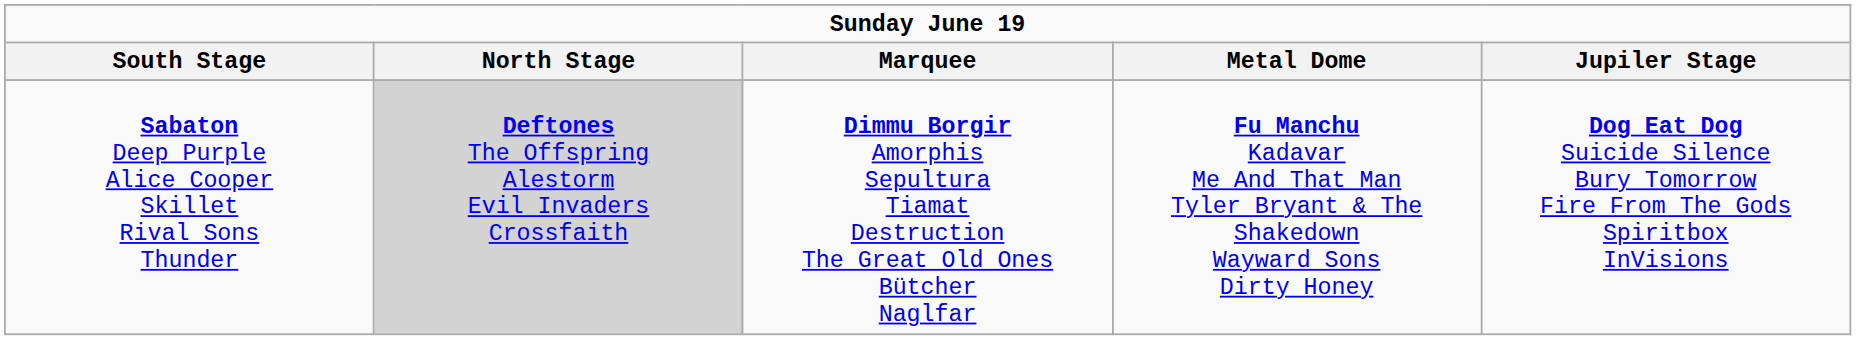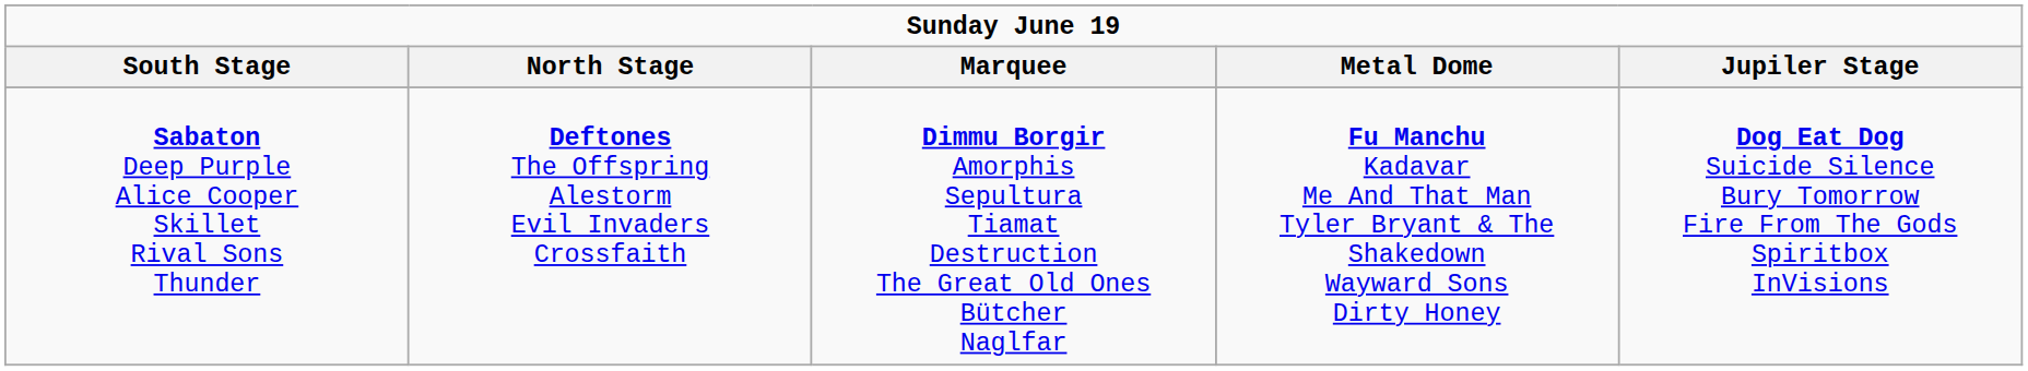 <table class="wikitable">
 <tr>
 <td colspan="5" style="text-align:center;"><strong>Sunday June 19</strong></td>
 </tr>
 <tr>
 <th>South Stage</th>
 <th>North Stage</th>
 <th>Marquee</th>
 <th>Metal Dome</th>
 <th>Jupiler Stage</th>
 </tr>
 <tr>
 <td style="text-align:center; vertical-align:top; width:200px;"><br><strong><a href='#'>Sabaton</a></strong> <br> <a href='#'>Deep Purple</a> <br> <a href='#'>Alice Cooper</a> <br> <a href='#'>Skillet</a> <br> <a href='#'>Rival Sons</a> <br> <a href='#'>Thunder</a> <br></td>
-<td style="background: lightgrey; text-align:center; vertical-align:top; width:200px;"><br><strong><a href='#'>Deftones</a></strong> <br> <a href='#'>The Offspring</a> <br> <a href='#'>Alestorm</a> <br> <a href='#'>Evil Invaders</a> <br> <a href='#'>Crossfaith</a> <br></td>
+<td style="text-align:center; vertical-align:top; width:200px;"><br><strong><a href='#'>Deftones</a></strong> <br> <a href='#'>The Offspring</a> <br> <a href='#'>Alestorm</a> <br> <a href='#'>Evil Invaders</a> <br> <a href='#'>Crossfaith</a> <br></td>
 <td style="text-align:center; vertical-align:top; width:200px;"><br><strong><a href='#'>Dimmu Borgir</a></strong> <br> <a href='#'>Amorphis</a> <br> <a href='#'>Sepultura</a> <br> <a href='#'>Tiamat</a> <br> <a href='#'>Destruction</a> <br> <a href='#'>The Great Old Ones</a> <br> <a href='#'>Bütcher</a> <br> <a href='#'>Naglfar</a> <br></td>
 <td style="text-align:center; vertical-align:top; width:200px;"><br><strong><a href='#'>Fu Manchu</a></strong> <br> <a href='#'>Kadavar</a> <br> <a href='#'>Me And That Man</a> <br> <a href='#'>Tyler Bryant & The Shakedown</a> <br> <a href='#'>Wayward Sons</a> <br> <a href='#'>Dirty Honey</a> <br></td>
 <td style="text-align:center; vertical-align:top; width:200px;"><br><strong><a href='#'>Dog Eat Dog</a></strong> <br> <a href='#'>Suicide Silence</a> <br> <a href='#'>Bury Tomorrow</a> <br> <a href='#'>Fire From The Gods</a> <br> <a href='#'>Spiritbox</a> <br> <a href='#'>InVisions</a> <br></td>
 </tr>
 </table>
